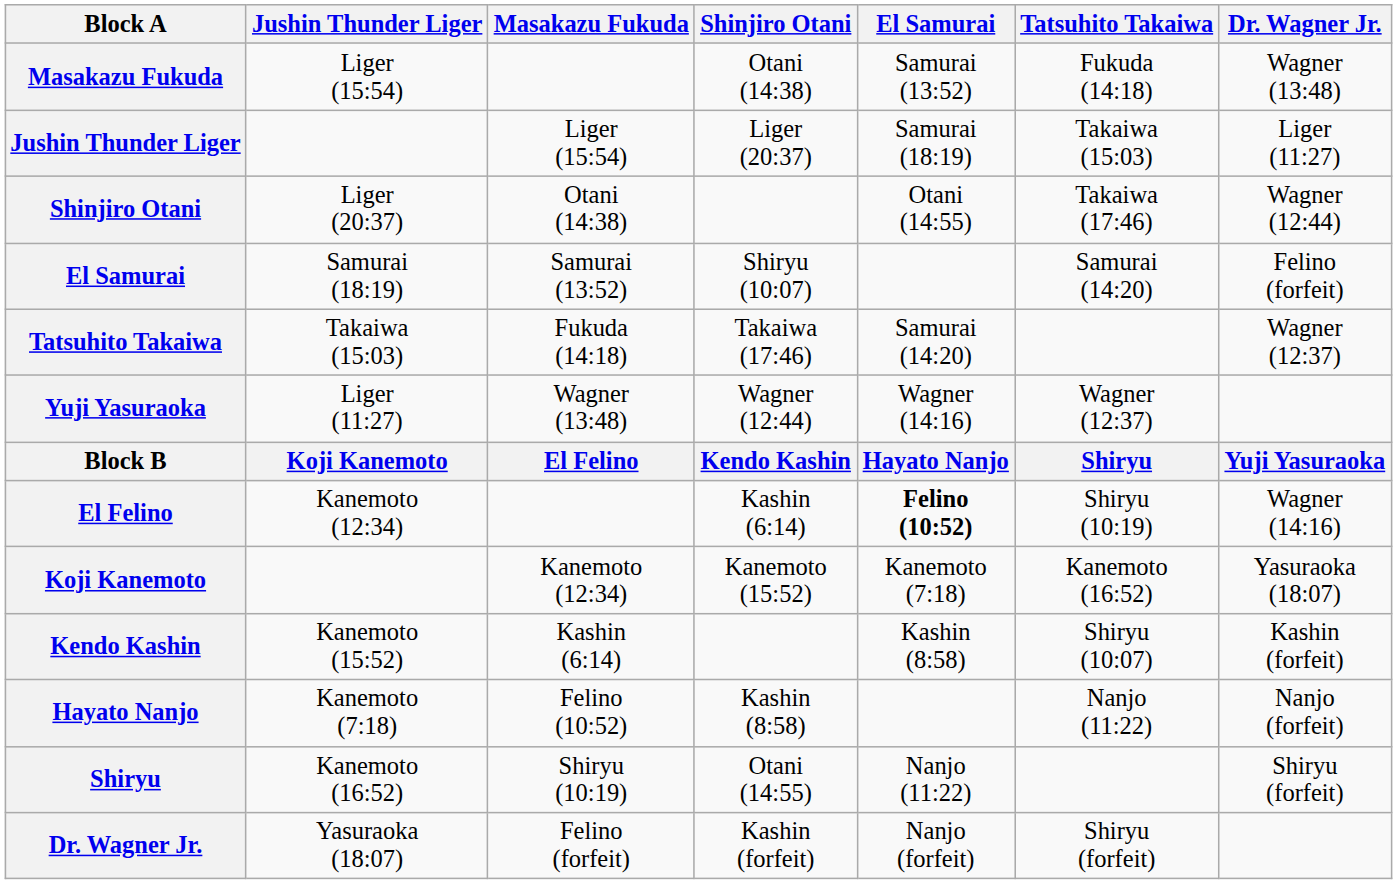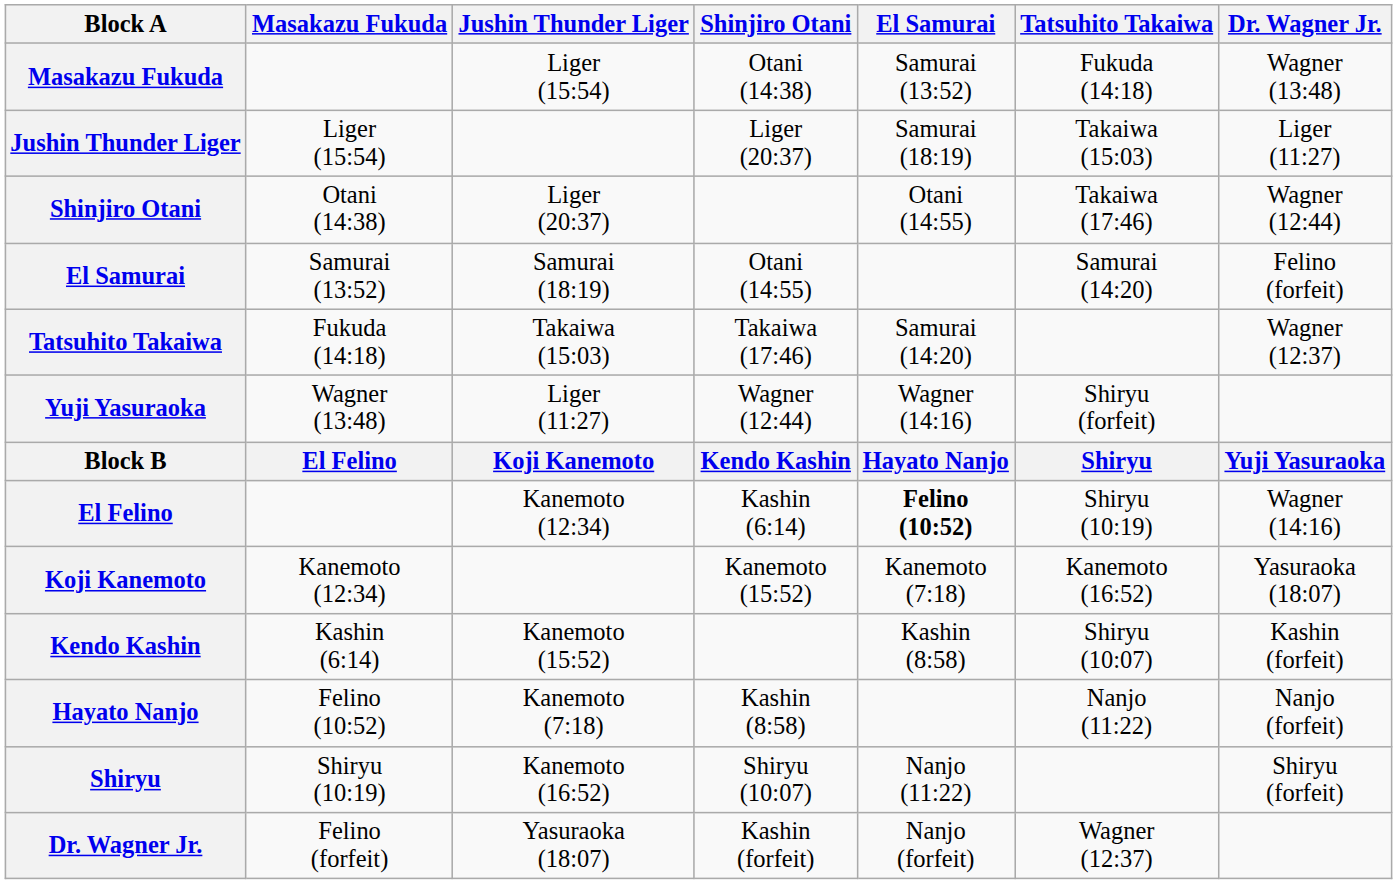 <table class="wikitable" style="margin: 1em auto 1em auto">
 <tr align="center">
 <th>Block A</th>
+<th><a href='#'>Masakazu Fukuda</a></th>
 <th><a href='#'>Jushin Thunder Liger</a></th>
-<th><a href='#'>Masakazu Fukuda</a></th>
 <th><a href='#'>Shinjiro Otani</a></th>
 <th><a href='#'>El Samurai</a></th>
 <th><a href='#'>Tatsuhito Takaiwa</a></th>
 <th><a href='#'>Dr. Wagner Jr.</a></th>
 </tr>
 <tr align="center">
 <th><a href='#'>Masakazu Fukuda</a></th>
+<td></td>
 <td>Liger<br>(15:54)</td>
-<td></td>
 <td>Otani<br>(14:38)</td>
 <td>Samurai<br>(13:52)</td>
 <td>Fukuda<br>(14:18)</td>
 <td>Wagner<br>(13:48)</td>
 </tr>
 <tr align="center">
 <th><a href='#'>Jushin Thunder Liger</a></th>
+<td>Liger<br>(15:54)</td>
 <td></td>
-<td>Liger<br>(15:54)</td>
 <td>Liger<br>(20:37)</td>
 <td>Samurai<br>(18:19)</td>
 <td>Takaiwa<br>(15:03)</td>
 <td>Liger<br>(11:27)</td>
 </tr>
 <tr align="center">
 <th><a href='#'>Shinjiro Otani</a></th>
+<td>Otani<br>(14:38)</td>
 <td>Liger<br>(20:37)</td>
-<td>Otani<br>(14:38)</td>
 <td></td>
 <td>Otani<br>(14:55)</td>
 <td>Takaiwa<br>(17:46)</td>
 <td>Wagner<br>(12:44)</td>
 </tr>
 <tr align="center">
 <th><a href='#'>El Samurai</a></th>
+<td>Samurai<br>(13:52)</td>
 <td>Samurai<br>(18:19)</td>
-<td>Samurai<br>(13:52)</td>
-<td>Shiryu<br>(10:07)</td>
+<td>Otani<br>(14:55)</td>
 <td></td>
 <td>Samurai<br>(14:20)</td>
 <td>Felino<br>(forfeit)</td>
 </tr>
 <tr align="center">
 <th><a href='#'>Tatsuhito Takaiwa</a></th>
+<td>Fukuda<br>(14:18)</td>
 <td>Takaiwa<br>(15:03)</td>
-<td>Fukuda<br>(14:18)</td>
 <td>Takaiwa<br>(17:46)</td>
 <td>Samurai<br>(14:20)</td>
 <td></td>
 <td>Wagner<br>(12:37)</td>
 </tr>
 <tr align="center">
 <th><a href='#'>Yuji Yasuraoka</a></th>
+<td>Wagner<br>(13:48)</td>
 <td>Liger<br>(11:27)</td>
-<td>Wagner<br>(13:48)</td>
 <td>Wagner<br>(12:44)</td>
 <td>Wagner<br>(14:16)</td>
-<td>Wagner<br>(12:37)</td>
+<td>Shiryu<br>(forfeit)</td>
 <td></td>
 </tr>
 <tr align="center">
 <th>Block B</th>
+<th><a href='#'>El Felino</a></th>
 <th><a href='#'>Koji Kanemoto</a></th>
-<th><a href='#'>El Felino</a></th>
 <th><a href='#'>Kendo Kashin</a></th>
 <th><a href='#'>Hayato Nanjo</a></th>
 <th><a href='#'>Shiryu</a></th>
 <th><a href='#'>Yuji Yasuraoka</a></th>
 </tr>
 <tr align="center">
 <th><a href='#'>El Felino</a></th>
+<td></td>
 <td>Kanemoto<br>(12:34)</td>
-<td></td>
 <td>Kashin<br>(6:14)</td>
 <td><strong>Felino<br>(10:52)</strong></td>
 <td>Shiryu<br>(10:19)</td>
 <td>Wagner<br>(14:16)</td>
 </tr>
 <tr align="center">
 <th><a href='#'>Koji Kanemoto</a></th>
+<td>Kanemoto<br>(12:34)</td>
 <td></td>
-<td>Kanemoto<br>(12:34)</td>
 <td>Kanemoto<br>(15:52)</td>
 <td>Kanemoto<br>(7:18)</td>
 <td>Kanemoto<br>(16:52)</td>
 <td>Yasuraoka<br>(18:07)</td>
 </tr>
 <tr align="center">
 <th><a href='#'>Kendo Kashin</a></th>
+<td>Kashin<br>(6:14)</td>
 <td>Kanemoto<br>(15:52)</td>
-<td>Kashin<br>(6:14)</td>
 <td></td>
 <td>Kashin<br>(8:58)</td>
 <td>Shiryu<br>(10:07)</td>
 <td>Kashin<br>(forfeit)</td>
 </tr>
 <tr align="center">
 <th><a href='#'>Hayato Nanjo</a></th>
+<td>Felino<br>(10:52)</td>
 <td>Kanemoto<br>(7:18)</td>
-<td>Felino<br>(10:52)</td>
 <td>Kashin<br>(8:58)</td>
 <td></td>
 <td>Nanjo<br>(11:22)</td>
 <td>Nanjo<br>(forfeit)</td>
 </tr>
 <tr align="center">
 <th><a href='#'>Shiryu</a></th>
+<td>Shiryu<br>(10:19)</td>
 <td>Kanemoto<br>(16:52)</td>
-<td>Shiryu<br>(10:19)</td>
-<td>Otani<br>(14:55)</td>
+<td>Shiryu<br>(10:07)</td>
 <td>Nanjo<br>(11:22)</td>
 <td></td>
 <td>Shiryu<br>(forfeit)</td>
 </tr>
 <tr align="center">
 <th><a href='#'>Dr. Wagner Jr.</a></th>
+<td>Felino<br>(forfeit)</td>
 <td>Yasuraoka<br>(18:07)</td>
-<td>Felino<br>(forfeit)</td>
 <td>Kashin<br>(forfeit)</td>
 <td>Nanjo<br>(forfeit)</td>
-<td>Shiryu<br>(forfeit)</td>
+<td>Wagner<br>(12:37)</td>
 <td></td>
 </tr>
 </table>
